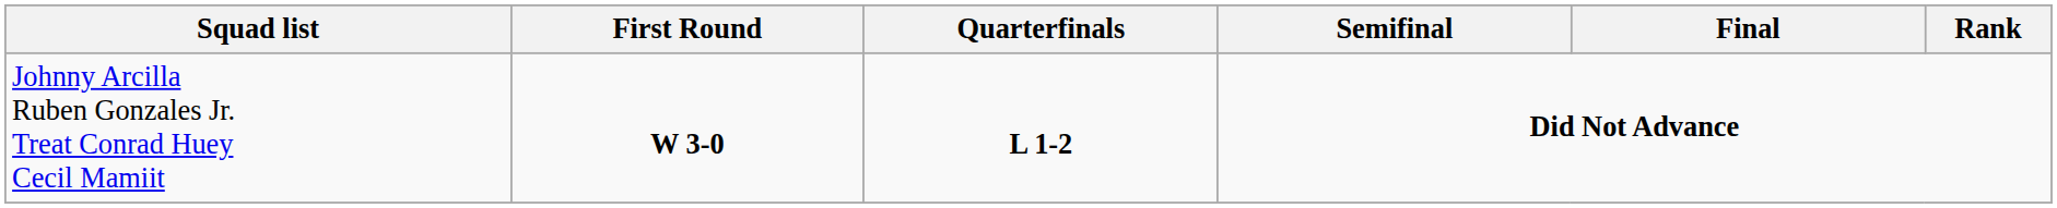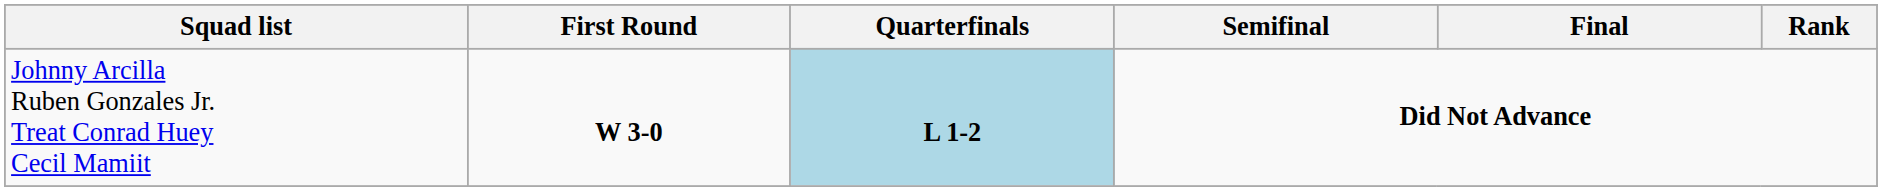 <table class="wikitable" width="81%" style="text-align:left; font-size:90%">
 <tr>
 <th width="20%">Squad list</th>
 <th width=14%>First Round</th>
 <th width="14%">Quarterfinals</th>
 <th width="14%">Semifinal</th>
 <th width="14%">Final</th>
 <th width="5%">Rank</th>
 </tr>
 <tr>
 <td rowspan="2"><a href='#'>Johnny Arcilla</a><br>Ruben Gonzales Jr.<br><a href='#'>Treat Conrad Huey</a><br><a href='#'>Cecil Mamiit</a></td>
 <td align=center><br> <strong>W 3-0</strong></td>
-<td align=center><br> <strong>L 1-2</strong></td>
+<td align=center style="background: lightblue;"><br> <strong>L 1-2</strong></td>
 <td colspan=3 rowspan=2 align=center><strong>Did Not Advance</strong></td>
 </tr>
 </table>
